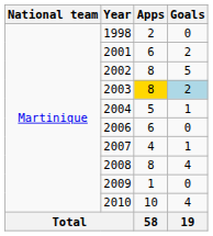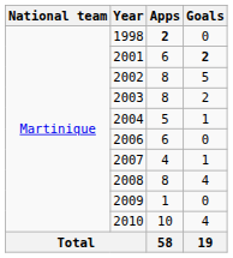 <table class="wikitable" style="text-align:center">
 <tr>
 <th>National team</th>
 <th>Year</th>
 <th>Apps</th>
 <th>Goals</th>
 </tr>
 <tr>
 <td rowspan="10"><a href='#'>Martinique</a></td>
 <td>1998</td>
-<td>2</td>
+<td><strong>2</strong></td>
 <td>0</td>
 </tr>
 <tr>
 <td>2001</td>
 <td>6</td>
-<td>2</td>
+<td><strong>2</strong></td>
 </tr>
 <tr>
 <td>2002</td>
 <td>8</td>
 <td>5</td>
 </tr>
 <tr>
 <td>2003</td>
-<td style="background: gold;">8</td>
-<td style="background: lightblue;">2</td>
+<td>8</td>
+<td>2</td>
 </tr>
 <tr>
 <td>2004</td>
 <td>5</td>
 <td>1</td>
 </tr>
 <tr>
 <td>2006</td>
 <td>6</td>
 <td>0</td>
 </tr>
 <tr>
 <td>2007</td>
 <td>4</td>
 <td>1</td>
 </tr>
 <tr>
 <td>2008</td>
 <td>8</td>
 <td>4</td>
 </tr>
 <tr>
 <td>2009</td>
 <td>1</td>
 <td>0</td>
 </tr>
 <tr>
 <td>2010</td>
 <td>10</td>
 <td>4</td>
 </tr>
 <tr>
 <th colspan="2">Total</th>
 <th>58</th>
 <th>19</th>
 </tr>
 </table>
